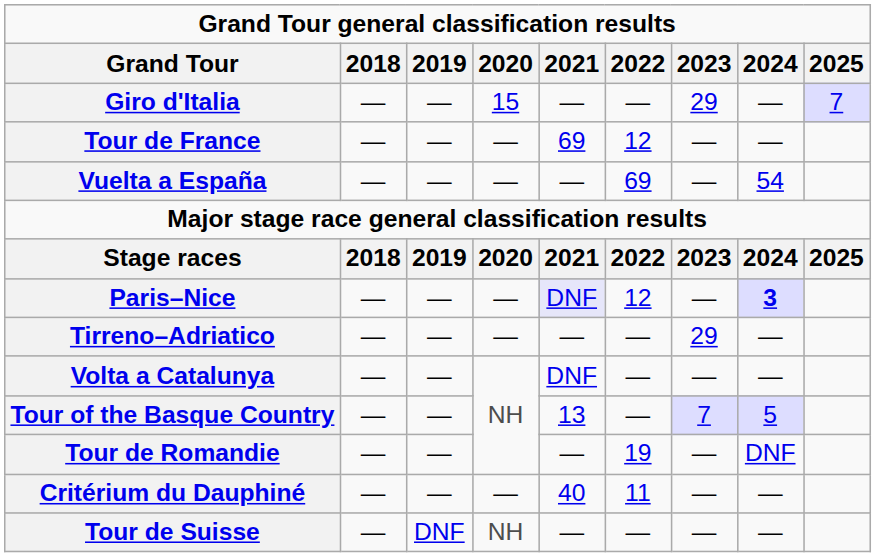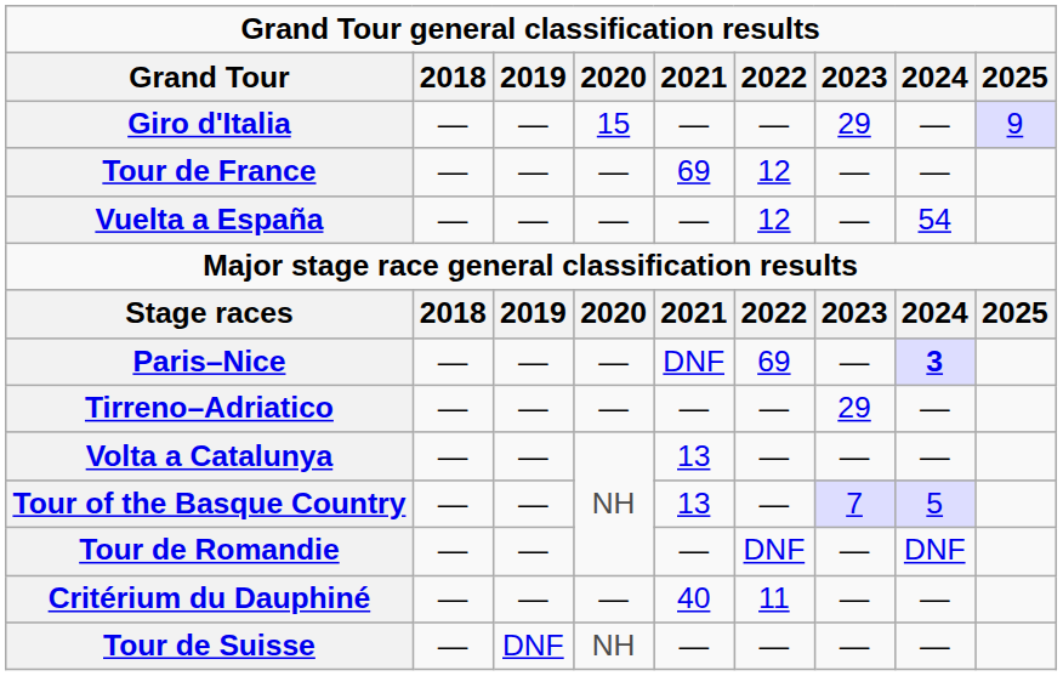 <table class="wikitable plainrowheaders">
 <tr>
 <td colspan=16 align="center"><strong>Grand Tour general classification results</strong></td>
 </tr>
 <tr>
 <th scope="col">Grand Tour</th>
 <th scope="col">2018</th>
 <th scope="col">2019</th>
 <th scope="col">2020</th>
 <th scope="col">2021</th>
 <th scope="col">2022</th>
 <th scope="col">2023</th>
 <th scope="col">2024</th>
 <th scope="col">2025</th>
 </tr>
 <tr style="text-align:center;">
 <th scope="row"> <a href='#'>Giro d'Italia</a></th>
 <td>—</td>
 <td>—</td>
 <td><a href='#'>15</a></td>
 <td>—</td>
 <td>—</td>
 <td><a href='#'>29</a></td>
 <td>—</td>
-<td style="background:#ddf;"><a href='#'>7</a></td>
+<td style="background:#ddf;"><a href='#'>9</a></td>
 </tr>
 <tr style="text-align:center;">
 <th scope="row"> <a href='#'>Tour de France</a></th>
 <td>—</td>
 <td>—</td>
 <td>—</td>
 <td><a href='#'>69</a></td>
 <td><a href='#'>12</a></td>
 <td>—</td>
 <td>—</td>
 <td></td>
 </tr>
 <tr style="text-align:center;">
 <th scope="row"> <a href='#'>Vuelta a España</a></th>
 <td>—</td>
 <td>—</td>
 <td>—</td>
 <td>—</td>
-<td><a href='#'>69</a></td>
+<td><a href='#'>12</a></td>
 <td>—</td>
 <td><a href='#'>54</a></td>
 <td></td>
 </tr>
 <tr>
 <td colspan=16 align="center"><strong>Major stage race general classification results</strong></td>
 </tr>
 <tr>
 <th scope="col">Stage races</th>
 <th scope="col">2018</th>
 <th scope="col">2019</th>
 <th scope="col">2020</th>
 <th scope="col">2021</th>
 <th scope="col">2022</th>
 <th scope="col">2023</th>
 <th scope="col">2024</th>
 <th scope="col">2025</th>
 </tr>
 <tr style="text-align:center;">
 <th scope="row"> <a href='#'>Paris–Nice</a></th>
 <td>—</td>
 <td>—</td>
 <td>—</td>
-<td style="background: lavender;"><a href='#'>DNF</a></td>
-<td><a href='#'>12</a></td>
+<td><a href='#'>DNF</a></td>
+<td><a href='#'>69</a></td>
 <td>—</td>
 <td style="background:#ddf;"><a href='#'><strong>3</strong></a></td>
 <td></td>
 </tr>
 <tr style="text-align:center;">
 <th scope="row"> <a href='#'>Tirreno–Adriatico</a></th>
 <td>—</td>
 <td>—</td>
 <td>—</td>
 <td>—</td>
 <td>—</td>
 <td><a href='#'>29</a></td>
 <td>—</td>
 <td></td>
 </tr>
 <tr style="text-align:center;">
 <th scope="row"> <a href='#'>Volta a Catalunya</a></th>
 <td>—</td>
 <td>—</td>
 <td style="color:#4d4d4d;" rowspan=3>NH</td>
-<td><a href='#'>DNF</a></td>
+<td><a href='#'>13</a></td>
 <td>—</td>
 <td>—</td>
 <td>—</td>
 <td></td>
 </tr>
 <tr style="text-align:center;">
 <th scope="row"> <a href='#'>Tour of the Basque Country</a></th>
 <td>—</td>
 <td>—</td>
 <td><a href='#'>13</a></td>
 <td>—</td>
 <td style="background:#ddf;"><a href='#'>7</a></td>
 <td style="background:#ddf;"><a href='#'>5</a></td>
 <td></td>
 </tr>
 <tr style="text-align:center;">
 <th scope="row"> <a href='#'>Tour de Romandie</a></th>
 <td>—</td>
 <td>—</td>
 <td>—</td>
-<td><a href='#'>19</a></td>
+<td><a href='#'>DNF</a></td>
 <td>—</td>
 <td><a href='#'>DNF</a></td>
 <td></td>
 </tr>
 <tr style="text-align:center;">
 <th scope="row"> <a href='#'>Critérium du Dauphiné</a></th>
 <td>—</td>
 <td>—</td>
 <td>—</td>
 <td><a href='#'>40</a></td>
 <td><a href='#'>11</a></td>
 <td>—</td>
 <td>—</td>
 <td></td>
 </tr>
 <tr align="center">
 <th scope="row"> <a href='#'>Tour de Suisse</a></th>
 <td>—</td>
 <td><a href='#'>DNF</a></td>
 <td style="color:#4d4d4d;">NH</td>
 <td>—</td>
 <td>—</td>
 <td>—</td>
 <td>—</td>
 <td></td>
 </tr>
 </table>
